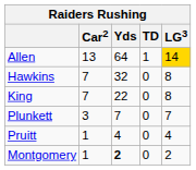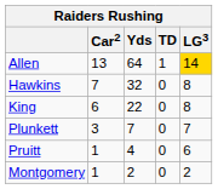 <table class="wikitable">
 <tr>
 <th colspan="5">Raiders Rushing</th>
 </tr>
 <tr>
 <th></th>
 <th>Car<sup>2</sup></th>
 <th>Yds</th>
 <th>TD</th>
 <th>LG<sup>3</sup></th>
 </tr>
 <tr>
 <td><a href='#'>Allen</a></td>
 <td>13</td>
 <td>64</td>
 <td>1</td>
 <td style="background: gold;">14</td>
 </tr>
 <tr>
 <td><a href='#'>Hawkins</a></td>
 <td>7</td>
 <td>32</td>
 <td>0</td>
 <td>8</td>
 </tr>
 <tr>
 <td><a href='#'>King</a></td>
-<td>7</td>
+<td>6</td>
 <td>22</td>
 <td>0</td>
 <td>8</td>
 </tr>
 <tr>
 <td><a href='#'>Plunkett</a></td>
 <td>3</td>
 <td>7</td>
 <td>0</td>
 <td>7</td>
 </tr>
 <tr>
 <td><a href='#'>Pruitt</a></td>
 <td>1</td>
 <td>4</td>
 <td>0</td>
-<td>4</td>
+<td>6</td>
 </tr>
 <tr>
 <td><a href='#'>Montgomery</a></td>
 <td>1</td>
-<td><strong>2</strong></td>
+<td>2</td>
 <td>0</td>
 <td>2</td>
 </tr>
 </table>
